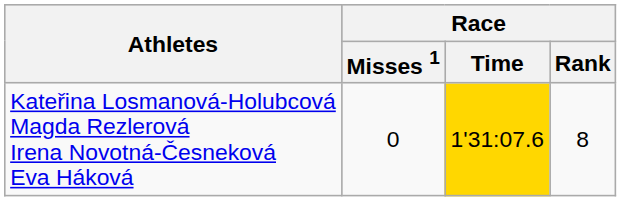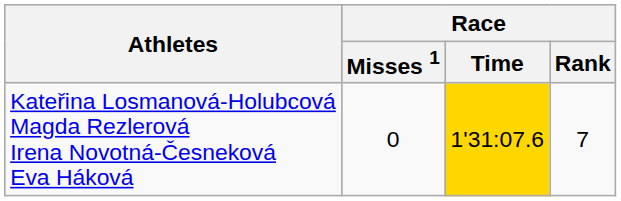 <table class="wikitable" border="1" style="font-size:90%">
 <tr>
 <th rowspan=2>Athletes</th>
 <th colspan=3>Race</th>
 </tr>
 <tr>
 <th>Misses <sup>1</sup></th>
 <th>Time</th>
 <th>Rank</th>
 </tr>
 <tr>
 <td><a href='#'>Kateřina Losmanová-Holubcová</a><br><a href='#'>Magda Rezlerová</a><br><a href='#'>Irena Novotná-Česneková</a><br><a href='#'>Eva Háková</a></td>
 <td align=center>0</td>
 <td align=center style="background: gold;">1'31:07.6</td>
-<td align=center>8</td>
+<td align=center>7</td>
 </tr>
 </table>
